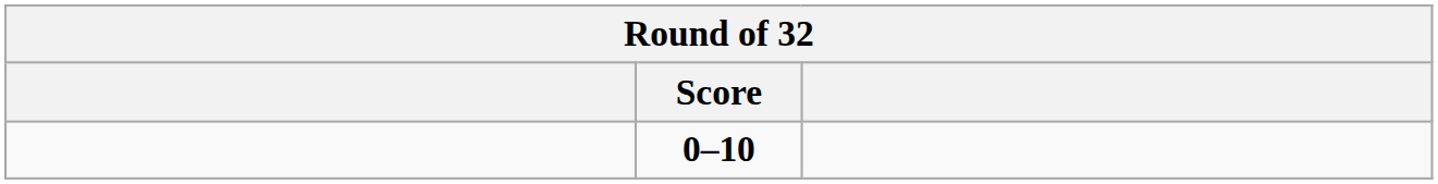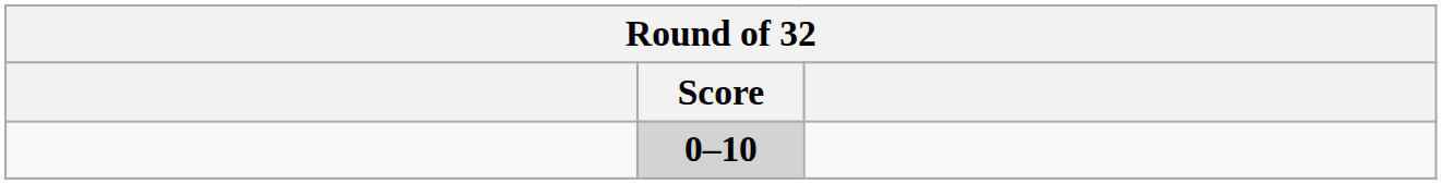 <table class="wikitable" style="text-align: center;">
 <tr>
 <th colspan=3>Round of 32</th>
 </tr>
 <tr>
 <th align="right" width="270"></th>
 <th width="65">Score</th>
 <th align="left" width="270"></th>
 </tr>
 <tr>
 <td align=left></td>
-<td align=center><strong>0–10</strong></td>
+<td align=center style="background: lightgrey;"><strong>0–10</strong></td>
 <td align=left><strong></strong></td>
 </tr>
 </table>
